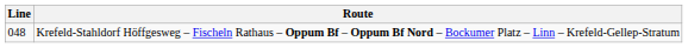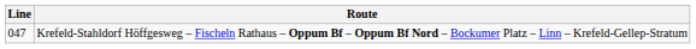 <table class="wikitable">
 <tr class="hintergrundfarbe6">
 <th>Line</th>
 <th>Route</th>
 </tr>
 <tr>
-<td>048</td>
+<td>047</td>
 <td>Krefeld-Stahldorf Höffgesweg – <a href='#'>Fischeln</a> Rathaus – <strong>Oppum Bf</strong> – <strong>Oppum Bf Nord</strong> – <a href='#'>Bockumer</a> Platz – <a href='#'>Linn</a> – Krefeld-Gellep-Stratum</td>
 </tr>
 </table>
